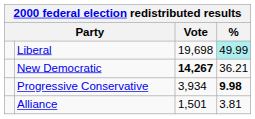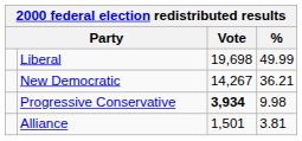 <table class="wikitable">
 <tr>
 <th colspan="4"><a href='#'>2000 federal election</a> redistributed results</th>
 </tr>
 <tr>
 <th bgcolor="#DDDDFF" width="230px" colspan="2">Party</th>
 <th bgcolor="#DDDDFF" width="50px">Vote</th>
 <th bgcolor="#DDDDFF" width="30px">%</th>
 </tr>
 <tr>
 <td> </td>
 <td><a href='#'>Liberal</a></td>
 <td>19,698</td>
-<td style="background: paleturquoise;">49.99</td>
+<td>49.99</td>
 </tr>
 <tr>
 <td> </td>
 <td><a href='#'>New Democratic</a></td>
-<td><strong>14,267</strong></td>
+<td>14,267</td>
 <td>36.21</td>
 </tr>
 <tr>
 <td> </td>
 <td><a href='#'>Progressive Conservative</a></td>
-<td>3,934</td>
-<td><strong>9.98</strong></td>
+<td><strong>3,934</strong></td>
+<td>9.98</td>
 </tr>
 <tr>
 <td> </td>
 <td><a href='#'>Alliance</a></td>
 <td>1,501</td>
 <td>3.81</td>
 </tr>
 </table>
